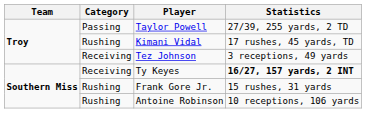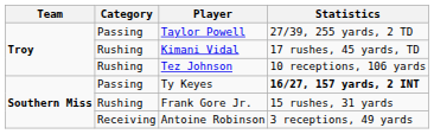 <table class="wikitable" style="float: left;">
 <tr>
 <th>Team</th>
 <th>Category</th>
 <th>Player</th>
 <th>Statistics</th>
 </tr>
 <tr>
 <td rowspan=3><strong>Troy</strong></td>
 <td>Passing</td>
 <td><a href='#'>Taylor Powell</a></td>
 <td>27/39, 255 yards, 2 TD</td>
 </tr>
 <tr>
 <td>Rushing</td>
 <td><a href='#'>Kimani Vidal</a></td>
 <td>17 rushes, 45 yards, TD</td>
 </tr>
 <tr>
-<td>Receiving</td>
+<td>Rushing</td>
 <td><a href='#'>Tez Johnson</a></td>
-<td>3 receptions, 49 yards</td>
+<td>10 receptions, 106 yards</td>
 </tr>
 <tr>
 <td rowspan=3><strong>Southern Miss</strong></td>
-<td>Receiving</td>
+<td>Passing</td>
 <td>Ty Keyes</td>
 <td><strong>16/27, 157 yards, 2 INT</strong></td>
 </tr>
 <tr>
 <td>Rushing</td>
 <td>Frank Gore Jr.</td>
 <td>15 rushes, 31 yards</td>
 </tr>
 <tr>
-<td>Rushing</td>
+<td>Receiving</td>
 <td>Antoine Robinson</td>
-<td>10 receptions, 106 yards</td>
+<td>3 receptions, 49 yards</td>
 </tr>
 </table>
